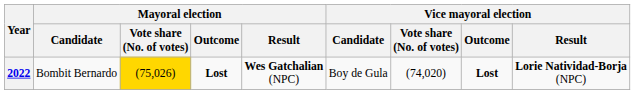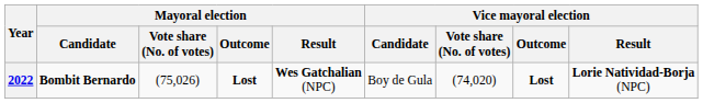 <table class="wikitable" style="text-align:center; font-size:90%">
 <tr>
 <th rowspan="2">Year</th>
 <th colspan="4">Mayoral election</th>
 <th colspan="4">Vice mayoral election</th>
 </tr>
 <tr>
 <th>Candidate</th>
 <th>Vote share<br>(No. of votes)</th>
 <th>Outcome</th>
 <th>Result</th>
 <th>Candidate</th>
 <th>Vote share<br>(No. of votes)</th>
 <th>Outcome</th>
 <th>Result</th>
 </tr>
 <tr>
 <th><a href='#'>2022</a></th>
-<td>Bombit Bernardo</td>
-<td style="background: gold;">(75,026)</td>
+<td><strong>Bombit Bernardo</strong></td>
+<td>(75,026)</td>
 <td><strong>Lost</strong></td>
 <td style="background:"><span><strong>Wes Gatchalian</strong><br>(NPC)</span></td>
 <td>Boy de Gula</td>
 <td>(74,020)</td>
 <td><strong>Lost</strong></td>
 <td style="background:"><span><strong>Lorie Natividad-Borja</strong><br>(NPC)</span></td>
 </tr>
 </table>
